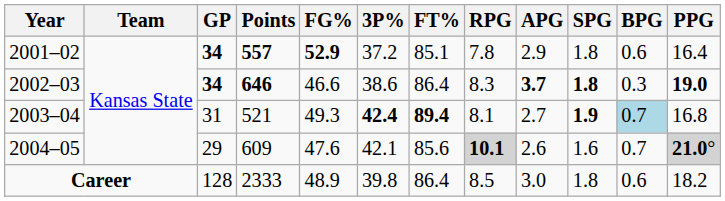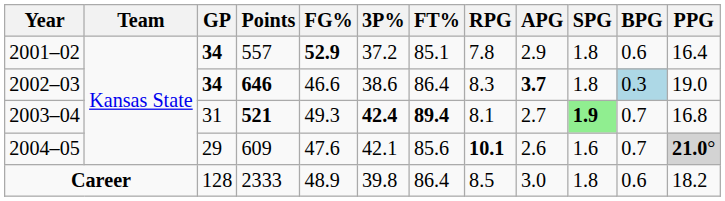 <table class="wikitable sortable">
 <tr>
 <th>Year</th>
 <th>Team</th>
 <th>GP</th>
 <th>Points</th>
 <th>FG%</th>
 <th>3P%</th>
 <th>FT%</th>
 <th>RPG</th>
 <th>APG</th>
 <th>SPG</th>
 <th>BPG</th>
 <th>PPG</th>
 </tr>
 <tr>
 <td>2001–02</td>
 <td rowspan=4><a href='#'>Kansas State</a></td>
 <td><strong>34</strong></td>
-<td><strong>557</strong></td>
+<td>557</td>
 <td><strong>52.9</strong></td>
 <td>37.2</td>
 <td>85.1</td>
 <td>7.8</td>
 <td>2.9</td>
 <td>1.8</td>
 <td>0.6</td>
 <td>16.4</td>
 </tr>
 <tr>
 <td>2002–03</td>
 <td><strong>34</strong></td>
 <td><strong>646</strong></td>
 <td>46.6</td>
 <td>38.6</td>
 <td>86.4</td>
 <td>8.3</td>
 <td><strong>3.7</strong></td>
-<td><strong>1.8</strong></td>
-<td>0.3</td>
-<td><strong>19.0</strong></td>
+<td>1.8</td>
+<td style="background: lightblue;">0.3</td>
+<td>19.0</td>
 </tr>
 <tr>
 <td>2003–04</td>
 <td>31</td>
-<td>521</td>
+<td><strong>521</strong></td>
 <td>49.3</td>
 <td><strong>42.4</strong></td>
 <td><strong>89.4</strong></td>
 <td>8.1</td>
 <td>2.7</td>
-<td><strong>1.9</strong></td>
-<td style="background: lightblue;">0.7</td>
+<td style="background: lightgreen;"><strong>1.9</strong></td>
+<td>0.7</td>
 <td>16.8</td>
 </tr>
 <tr>
 <td>2004–05</td>
 <td>29</td>
 <td>609</td>
 <td>47.6</td>
 <td>42.1</td>
 <td>85.6</td>
-<td style="background: lightgrey;"><strong>10.1</strong></td>
+<td><strong>10.1</strong></td>
 <td>2.6</td>
 <td>1.6</td>
 <td>0.7</td>
 <td style="background:#D3D3D3"><strong>21.0</strong>°</td>
 </tr>
 <tr class="sortbottom">
 <td colspan=2 align=center><strong>Career</strong></td>
 <td>128</td>
 <td>2333</td>
 <td>48.9</td>
 <td>39.8</td>
 <td>86.4</td>
 <td>8.5</td>
 <td>3.0</td>
 <td>1.8</td>
 <td>0.6</td>
 <td>18.2</td>
 </tr>
 </table>
